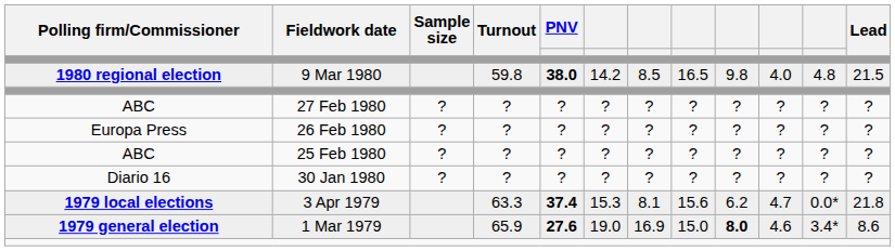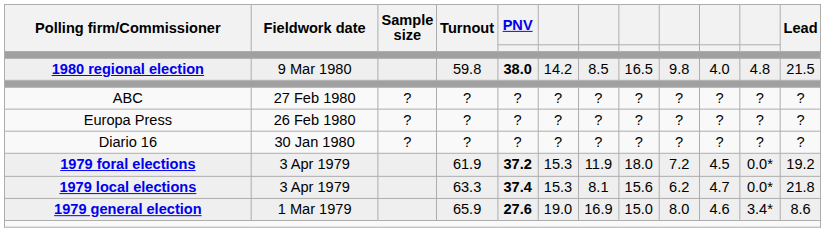 <table class="wikitable collapsible collapsed" style="text-align:center; font-size:95%; line-height:16px;">
 <tr style="height:42px;">
 <th style="width:250px;" rowspan="2">Polling firm/Commissioner</th>
 <th style="width:125px;" rowspan="2">Fieldwork date</th>
 <th style="width:50px;" rowspan="2">Sample size</th>
 <th style="width:45px;" rowspan="2">Turnout</th>
 <th style="width:35px;"><a href='#'>PNV</a></th>
 <th style="width:35px;"></th>
 <th style="width:35px;"></th>
 <th style="width:35px;"></th>
 <th style="width:35px;"></th>
 <th style="width:35px;"></th>
 <th style="width:35px;"></th>
 <th style="width:30px;" rowspan="2">Lead</th>
 </tr>
 <tr>
 <th style="color:inherit;background:"></th>
 <th style="color:inherit;background:"></th>
 <th style="color:inherit;background:"></th>
 <th style="color:inherit;background:"></th>
 <th style="color:inherit;background:"></th>
 <th style="color:inherit;background:"></th>
 <th style="color:inherit;background:"></th>
 </tr>
 <tr>
 <td colspan="12" style="background:#A0A0A0"></td>
 </tr>
 <tr style="background:#EFEFEF;">
 <td><strong><a href='#'>1980 regional election</a></strong></td>
 <td>9 Mar 1980</td>
 <td></td>
 <td>59.8</td>
 <td><strong>38.0</strong><br></td>
 <td>14.2<br></td>
 <td>8.5<br></td>
 <td>16.5<br></td>
 <td>9.8<br></td>
 <td>4.0<br></td>
 <td>4.8<br></td>
 <td style="background:">21.5</td>
 </tr>
 <tr>
 <td colspan="12" style="background:#A0A0A0"></td>
 </tr>
 <tr>
 <td>ABC</td>
 <td>27 Feb 1980</td>
 <td>?</td>
 <td>?</td>
 <td>?<br></td>
 <td>?<br></td>
 <td>?<br></td>
 <td>?<br></td>
 <td>?<br></td>
 <td>?<br></td>
 <td>?<br></td>
 <td style="background:">?</td>
 </tr>
 <tr>
 <td>Europa Press</td>
 <td>26 Feb 1980</td>
 <td>?</td>
 <td>?</td>
 <td>?<br></td>
 <td>?<br></td>
 <td>?<br></td>
 <td>?<br></td>
 <td>?<br></td>
 <td>?<br></td>
 <td>?<br></td>
 <td style="background:">?</td>
 </tr>
 <tr>
-<td>ABC</td>
-<td>25 Feb 1980</td>
-<td>?</td>
-<td>?</td>
-<td>?<br></td>
-<td>?</td>
-<td>?<br></td>
-<td>?<br></td>
-<td>?<br></td>
-<td>?</td>
-<td>?</td>
-<td style="background:">?</td>
-</tr>
-<tr>
 <td>Diario 16</td>
 <td>30 Jan 1980</td>
 <td>?</td>
 <td>?</td>
 <td>?<br></td>
 <td>?<br></td>
 <td>?<br></td>
 <td>?<br></td>
 <td>?<br></td>
 <td>?<br></td>
 <td>?<br></td>
 <td style="background:">?</td>
+</tr>
+<tr style="background:#EFEFEF;">
+<td><strong><a href='#'>1979 foral elections</a></strong></td>
+<td>3 Apr 1979</td>
+<td></td>
+<td>61.9</td>
+<td><strong>37.2</strong><br></td>
+<td>15.3<br></td>
+<td>11.9<br></td>
+<td>18.0<br></td>
+<td>7.2<br></td>
+<td>4.5<br></td>
+<td>0.0*<br></td>
+<td style="background:">19.2</td>
 </tr>
 <tr style="background:#EFEFEF;">
 <td><strong><a href='#'>1979 local elections</a></strong></td>
 <td>3 Apr 1979</td>
 <td></td>
 <td>63.3</td>
 <td><strong>37.4</strong></td>
 <td>15.3</td>
 <td>8.1</td>
 <td>15.6</td>
 <td>6.2</td>
 <td>4.7</td>
 <td>0.0*</td>
 <td style="background:">21.8</td>
 </tr>
 <tr style="background:#EFEFEF;">
 <td><strong><a href='#'>1979 general election</a></strong></td>
 <td>1 Mar 1979</td>
 <td></td>
 <td>65.9</td>
 <td><strong>27.6</strong><br></td>
 <td>19.0<br></td>
 <td>16.9<br></td>
 <td>15.0<br></td>
-<td><strong>8.0<br></strong></td>
+<td>8.0<br></td>
 <td>4.6<br></td>
 <td>3.4*<br></td>
 <td style="background:">8.6</td>
 </tr>
 <tr>
 <td align="left" colspan="12"></td>
 </tr>
 </table>
